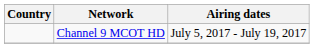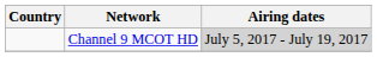 <table class="wikitable">
 <tr>
 <th>Country</th>
 <th>Network</th>
 <th>Airing dates</th>
 </tr>
 <tr>
 <td></td>
 <td><a href='#'>Channel 9 MCOT HD</a></td>
-<td>July 5, 2017 - July 19, 2017 </td>
+<td style="background: lightgrey;">July 5, 2017 - July 19, 2017 </td>
 </tr>
 <tr>
 </tr>
 </table>
